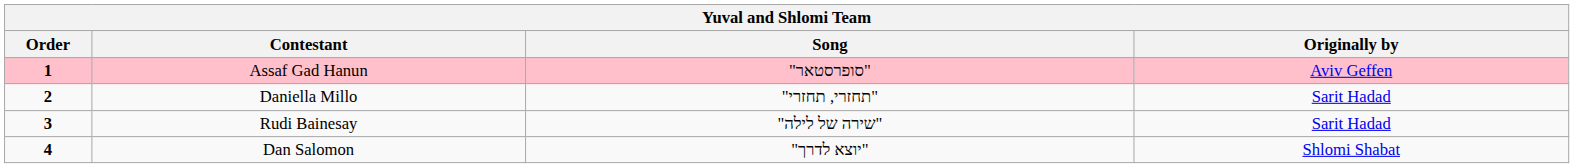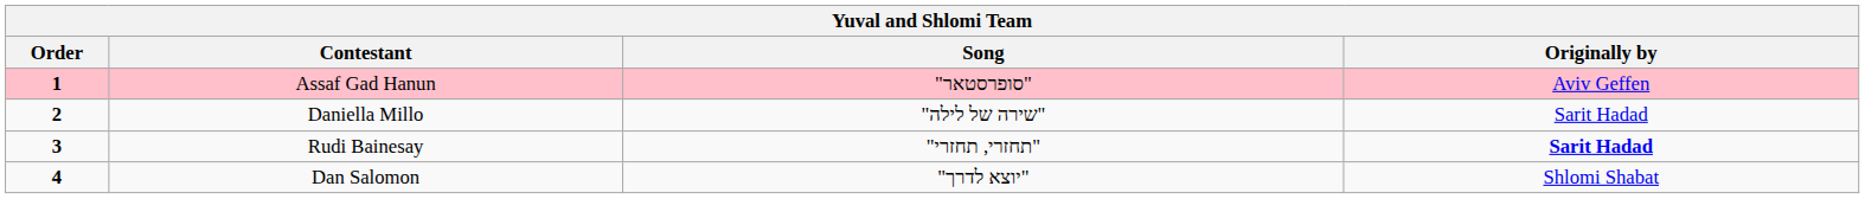 <table class="wikitable" style="text-align: center; width:95%;">
 <tr>
 <th colspan=4>Yuval and Shlomi Team</th>
 </tr>
 <tr>
 <th width="5%">Order</th>
 <th width="25%">Contestant</th>
 <th width="35%">Song</th>
 <th width="25%">Originally by</th>
 </tr>
 <tr>
 <td bgcolor="pink" align="center"><strong>1</strong></td>
 <td bgcolor="pink">Assaf Gad Hanun</td>
 <td bgcolor="pink">"סופרסטאר"</td>
 <td bgcolor="pink" align="center"><a href='#'>Aviv Geffen</a></td>
 </tr>
 <tr>
 <td align="center"><strong>2</strong></td>
 <td>Daniella Millo</td>
-<td>"תחזרי, תחזרי"</td>
+<td>"שירה של לילה"</td>
 <td align="center"><a href='#'>Sarit Hadad</a></td>
 </tr>
 <tr>
 <td align="center"><strong>3</strong></td>
 <td>Rudi Bainesay</td>
-<td>"שירה של לילה"</td>
-<td align="center"><a href='#'>Sarit Hadad</a></td>
+<td>"תחזרי, תחזרי"</td>
+<td align="center"><strong><a href='#'>Sarit Hadad</a></strong></td>
 </tr>
 <tr>
 <td align="center"><strong>4</strong></td>
 <td>Dan Salomon</td>
 <td>"יוצא לדרך"</td>
 <td align="center"><a href='#'>Shlomi Shabat</a></td>
 </tr>
 </table>
